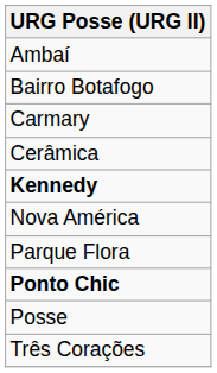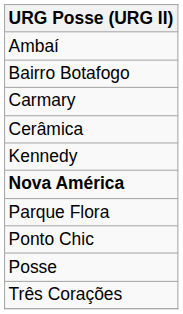 <table class="wikitable" style="margin-bottom: 10px;" border="1">
 <tr>
 <th>URG Posse (URG II)</th>
 </tr>
 <tr>
 <td>Ambaí</td>
 </tr>
 <tr>
 <td>Bairro Botafogo</td>
 </tr>
 <tr>
 <td>Carmary</td>
 </tr>
 <tr>
 <td>Cerâmica</td>
 </tr>
 <tr>
-<td><strong>Kennedy</strong></td>
+<td>Kennedy</td>
 </tr>
 <tr>
-<td>Nova América</td>
+<td><strong>Nova América</strong></td>
 </tr>
 <tr>
 <td>Parque Flora</td>
 </tr>
 <tr>
-<td><strong>Ponto Chic</strong></td>
+<td>Ponto Chic</td>
 </tr>
 <tr>
 <td>Posse</td>
 </tr>
 <tr>
 <td>Três Corações</td>
 </tr>
 <tr>
 </tr>
 </table>
